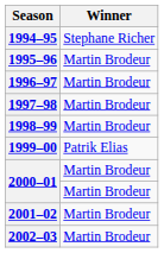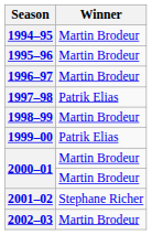 <table class="wikitable">
 <tr>
 <th scope="col">Season</th>
 <th scope="col">Winner</th>
 </tr>
 <tr>
 <th scope="row"><a href='#'>1994–95</a></th>
-<td><a href='#'>Stephane Richer</a></td>
+<td><a href='#'>Martin Brodeur</a></td>
 </tr>
 <tr>
 <th scope="row"><a href='#'>1995–96</a></th>
 <td><a href='#'>Martin Brodeur</a></td>
 </tr>
 <tr>
 <th scope="row"><a href='#'>1996–97</a></th>
 <td><a href='#'>Martin Brodeur</a></td>
 </tr>
 <tr>
 <th scope="row"><a href='#'>1997–98</a></th>
-<td><a href='#'>Martin Brodeur</a></td>
+<td><a href='#'>Patrik Elias</a></td>
 </tr>
 <tr>
 <th scope="row"><a href='#'>1998–99</a></th>
 <td><a href='#'>Martin Brodeur</a></td>
 </tr>
 <tr>
 <th scope="row"><a href='#'>1999–00</a></th>
 <td><a href='#'>Patrik Elias</a></td>
 </tr>
 <tr>
 <th scope="row" rowspan="2"><a href='#'>2000–01</a></th>
 <td><a href='#'>Martin Brodeur</a></td>
 </tr>
 <tr>
 <td><a href='#'>Martin Brodeur</a></td>
 </tr>
 <tr>
 <th scope="row"><a href='#'>2001–02</a></th>
-<td><a href='#'>Martin Brodeur</a></td>
+<td><a href='#'>Stephane Richer</a></td>
 </tr>
 <tr>
 <th scope="row"><a href='#'>2002–03</a></th>
 <td><a href='#'>Martin Brodeur</a></td>
 </tr>
 </table>
